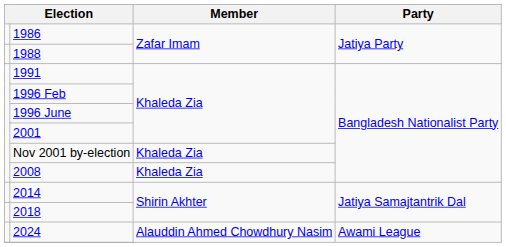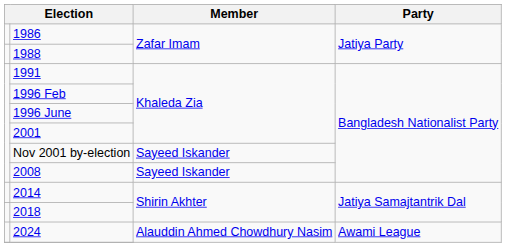 <table class="wikitable">
 <tr>
 <th colspan="2">Election</th>
 <th>Member</th>
 <th>Party</th>
 </tr>
 <tr>
 <td style="background-color:"></td>
 <td><a href='#'>1986</a></td>
 <td rowspan="2"><a href='#'>Zafar Imam</a></td>
 <td rowspan="2"><a href='#'>Jatiya Party</a></td>
 </tr>
 <tr>
 <td style="background-color:"></td>
 <td><a href='#'>1988</a></td>
 </tr>
 <tr>
 <td rowspan="6" style="background-color:"></td>
 <td><a href='#'>1991</a></td>
 <td rowspan="4"><a href='#'>Khaleda Zia</a></td>
 <td rowspan="6"><a href='#'>Bangladesh Nationalist Party</a></td>
 </tr>
 <tr>
 <td><a href='#'>1996 Feb</a></td>
 </tr>
 <tr>
 <td><a href='#'>1996 June</a></td>
 </tr>
 <tr>
 <td><a href='#'>2001</a></td>
 </tr>
 <tr>
 <td>Nov 2001 by-election</td>
-<td><a href='#'>Khaleda Zia</a></td>
+<td><a href='#'>Sayeed Iskander</a></td>
 </tr>
 <tr>
 <td><a href='#'>2008</a></td>
-<td><a href='#'>Khaleda Zia</a></td>
+<td><a href='#'>Sayeed Iskander</a></td>
 </tr>
 <tr>
 <td style="background-color:"></td>
 <td><a href='#'>2014</a></td>
 <td rowspan="2"><a href='#'>Shirin Akhter</a></td>
 <td rowspan="2"><a href='#'>Jatiya Samajtantrik Dal</a></td>
 </tr>
 <tr>
 <td style="background-color:"></td>
 <td><a href='#'>2018</a></td>
 </tr>
 <tr>
 <td style="background-color:"></td>
 <td><a href='#'>2024</a></td>
 <td rowspan="2"><a href='#'>Alauddin Ahmed Chowdhury Nasim</a></td>
 <td rowspan="2"><a href='#'>Awami League</a></td>
 </tr>
 <tr>
 </tr>
 </table>
